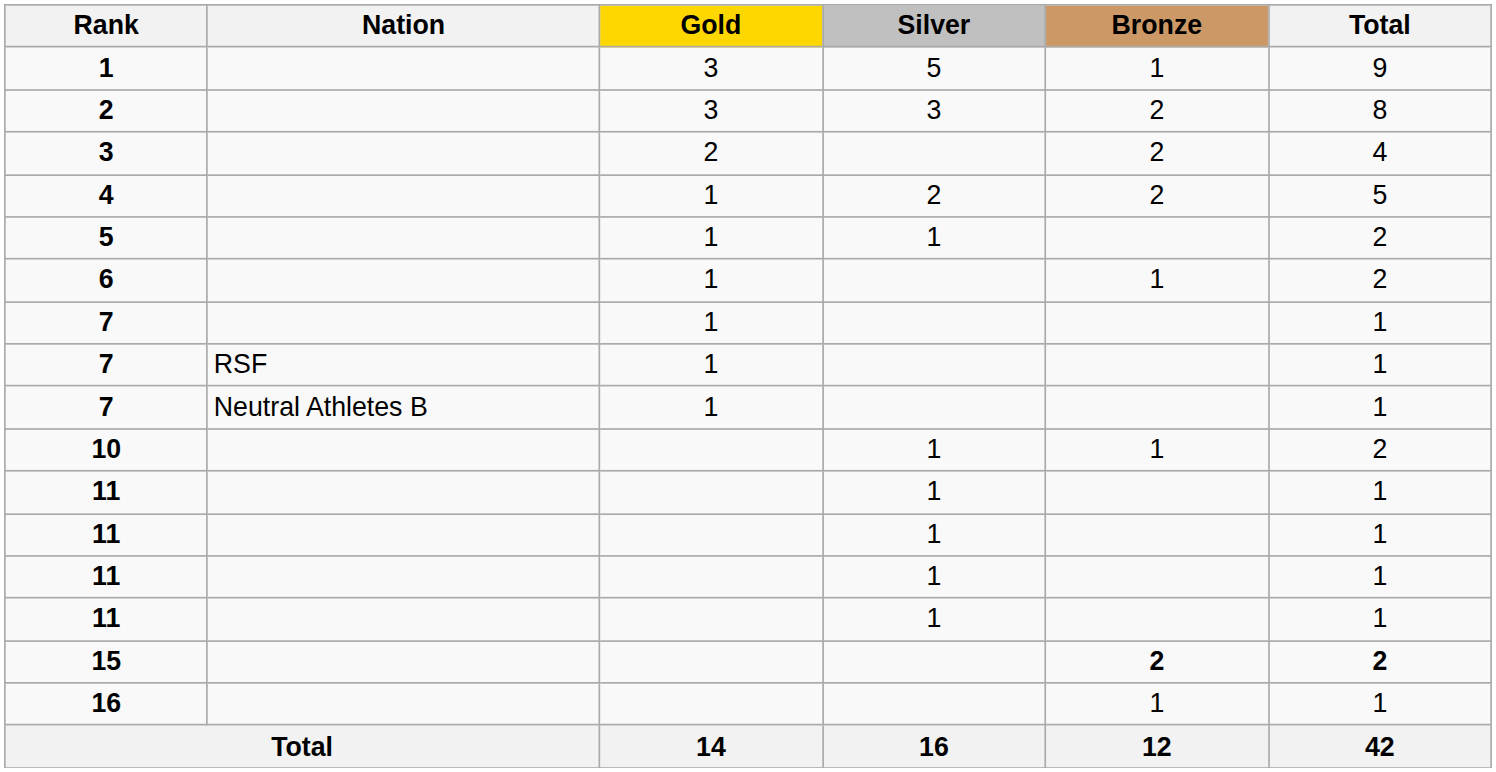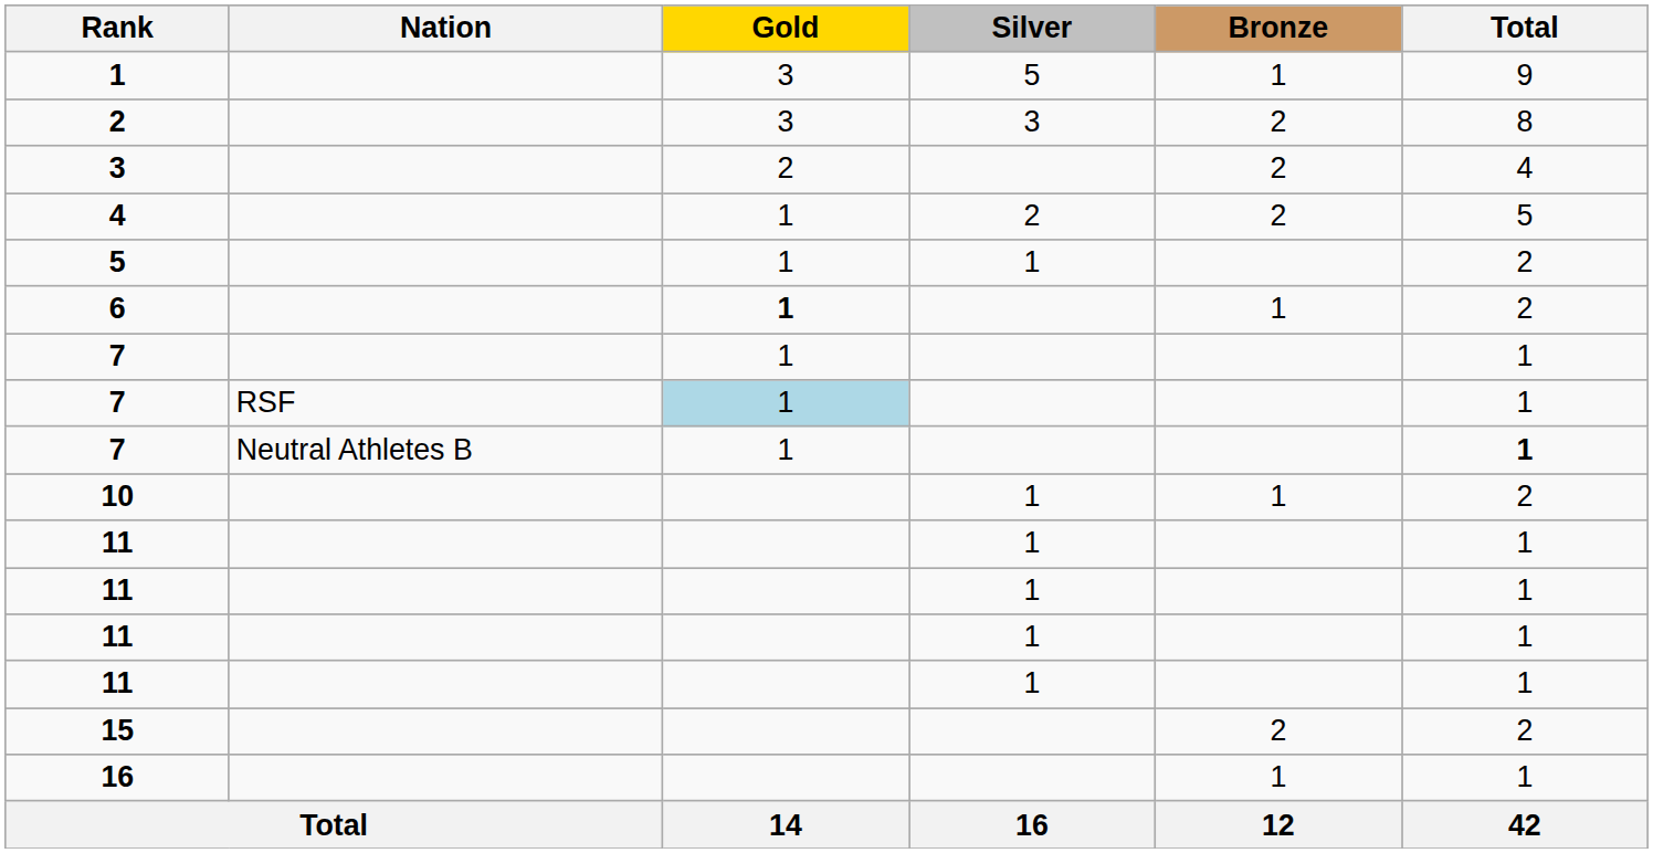 <table class="wikitable collapsible autocollapse plainrowheaders" width=70.5% style="text-align:center;">
 <tr style="background-color:#EDEDED;">
 <th width=100px class="hintergrundfarbe5">Rank</th>
 <th width=200px class="hintergrundfarbe6">Nation</th>
 <th style="background:    gold; width:15%">Gold</th>
 <th style="background:  silver; width:15%">Silver</th>
 <th style="background: #CC9966; width:15%">Bronze</th>
 <th class="hintergrundfarbe6" style="width:15%">Total</th>
 </tr>
 <tr>
 <td><strong>1</strong></td>
 <td align=left></td>
 <td>3</td>
 <td>5</td>
 <td>1</td>
 <td>9</td>
 </tr>
 <tr>
 <td><strong>2</strong></td>
 <td align=left></td>
 <td>3</td>
 <td>3</td>
 <td>2</td>
 <td>8</td>
 </tr>
 <tr>
 <td><strong>3</strong></td>
 <td align=left></td>
 <td>2</td>
 <td></td>
 <td>2</td>
 <td>4</td>
 </tr>
 <tr>
 <td><strong>4</strong></td>
 <td align=left></td>
 <td>1</td>
 <td>2</td>
 <td>2</td>
 <td>5</td>
 </tr>
 <tr>
 <td><strong>5</strong></td>
 <td align=left></td>
 <td>1</td>
 <td>1</td>
 <td></td>
 <td>2</td>
 </tr>
 <tr>
 <td><strong>6</strong></td>
 <td align=left></td>
-<td>1</td>
+<td><strong>1</strong></td>
 <td></td>
 <td>1</td>
 <td>2</td>
 </tr>
 <tr>
 <td><strong>7</strong></td>
 <td align=left></td>
 <td>1</td>
 <td></td>
 <td></td>
 <td>1</td>
 </tr>
 <tr>
 <td><strong>7</strong></td>
 <td align=left>RSF</td>
-<td>1</td>
+<td style="background: lightblue;">1</td>
 <td></td>
 <td></td>
 <td>1</td>
 </tr>
 <tr>
 <td><strong>7</strong></td>
 <td align=left> Neutral Athletes B</td>
 <td>1</td>
 <td></td>
 <td></td>
-<td>1</td>
+<td><strong>1</strong></td>
 </tr>
 <tr>
 <td><strong>10</strong></td>
 <td align=left></td>
 <td></td>
 <td>1</td>
 <td>1</td>
 <td>2</td>
 </tr>
 <tr>
 <td><strong>11</strong></td>
 <td align=left></td>
 <td></td>
 <td>1</td>
 <td></td>
 <td>1</td>
 </tr>
 <tr>
 <td><strong>11</strong></td>
 <td align=left></td>
 <td></td>
 <td>1</td>
 <td></td>
 <td>1</td>
 </tr>
 <tr>
 <td><strong>11</strong></td>
 <td align=left></td>
 <td></td>
 <td>1</td>
 <td></td>
 <td>1</td>
 </tr>
 <tr>
 <td><strong>11</strong></td>
 <td align=left></td>
 <td></td>
 <td>1</td>
 <td></td>
 <td>1</td>
 </tr>
 <tr>
 <td><strong>15</strong></td>
 <td align=left></td>
 <td></td>
 <td></td>
-<td><strong>2</strong></td>
-<td><strong>2</strong></td>
+<td>2</td>
+<td>2</td>
 </tr>
 <tr>
 <td><strong>16</strong></td>
 <td align=left></td>
 <td></td>
 <td></td>
 <td>1</td>
 <td>1</td>
 </tr>
 <tr>
 <th colspan=2>Total</th>
 <th>14</th>
 <th>16</th>
 <th>12</th>
 <th>42</th>
 </tr>
 </table>
